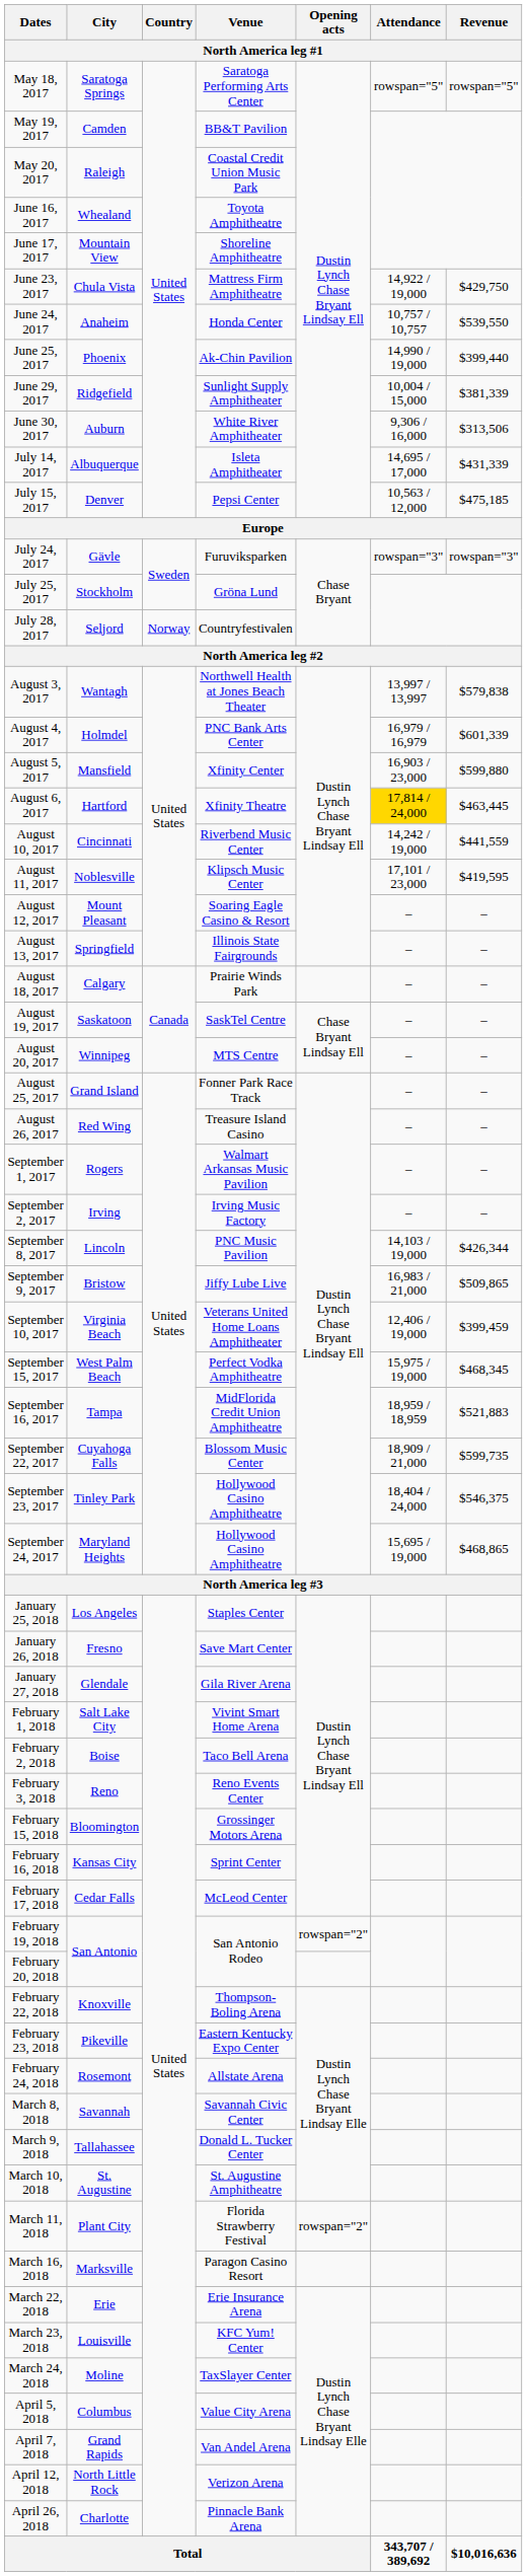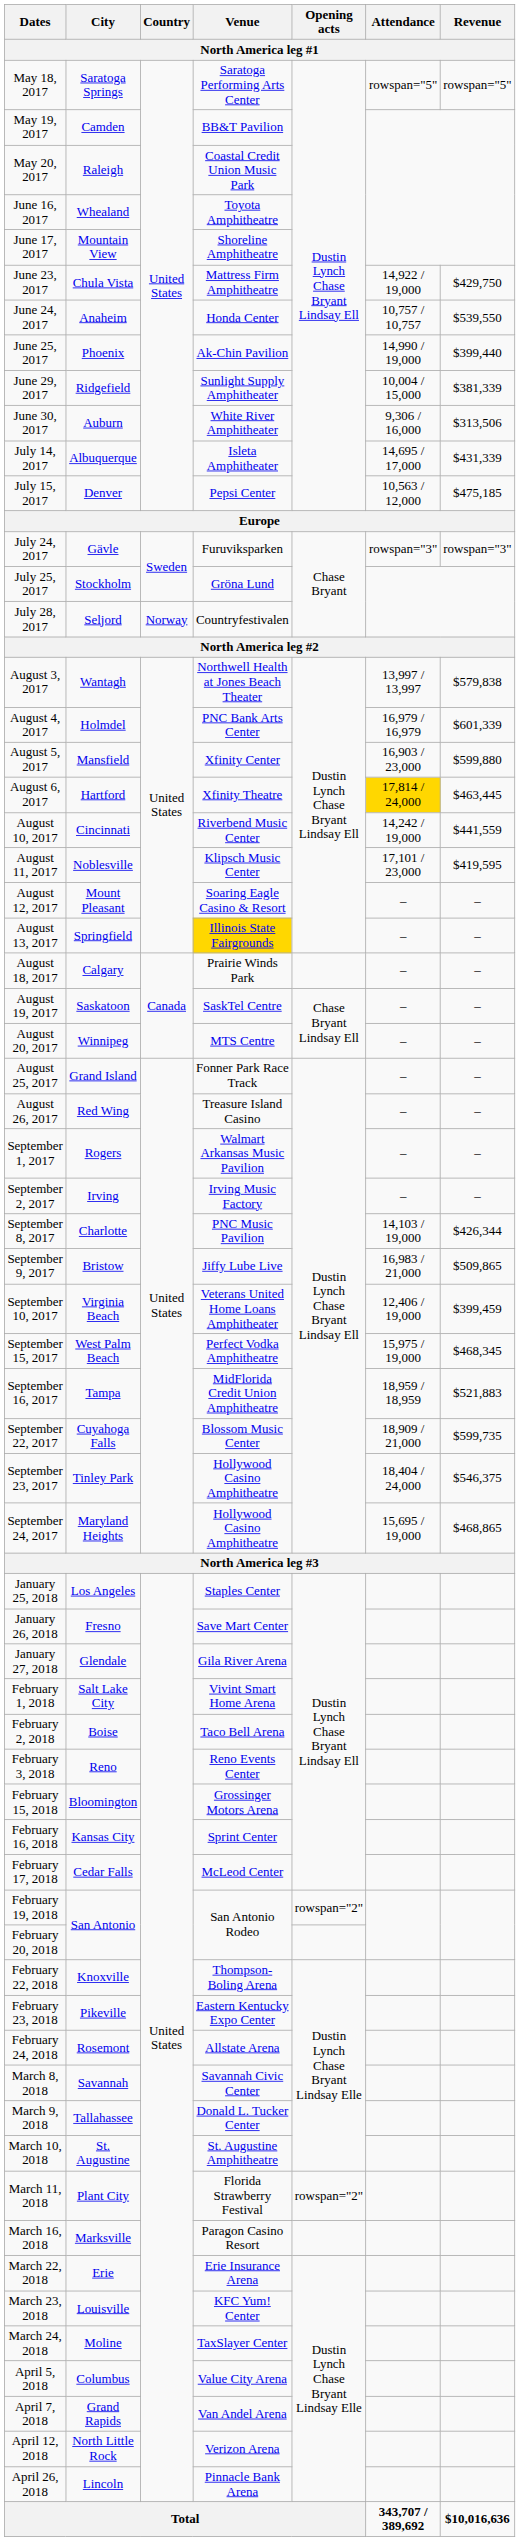 <table class="wikitable" style="text-align:center;">
 <tr>
 <th style="width:150px;">Dates</th>
 <th style="width:150px;">City</th>
 <th style="width:150px;">Country</th>
 <th style="width:250px;">Venue</th>
 <th style="width:150px;">Opening acts</th>
 <th style="width:150px;">Attendance</th>
 <th style="width:150px;">Revenue</th>
 </tr>
 <tr>
 <th colspan="7">North America leg #1</th>
 </tr>
 <tr>
 <td>May 18, 2017</td>
 <td><a href='#'>Saratoga Springs</a></td>
 <td rowspan="12"><a href='#'>United States</a></td>
 <td><a href='#'>Saratoga Performing Arts Center</a></td>
 <td rowspan="12"><a href='#'>Dustin Lynch</a><br><a href='#'>Chase Bryant</a><br><a href='#'>Lindsay Ell</a></td>
 <td>rowspan="5" </td>
 <td>rowspan="5" </td>
 </tr>
 <tr>
 <td>May 19, 2017</td>
 <td><a href='#'>Camden</a></td>
 <td><a href='#'>BB&T Pavilion</a></td>
 </tr>
 <tr>
 <td>May 20, 2017</td>
 <td><a href='#'>Raleigh</a></td>
 <td><a href='#'>Coastal Credit Union Music Park</a></td>
 </tr>
 <tr>
 <td>June 16, 2017</td>
 <td><a href='#'>Whealand</a></td>
 <td><a href='#'>Toyota Amphitheatre</a></td>
 </tr>
 <tr>
 <td>June 17, 2017</td>
 <td><a href='#'>Mountain View</a></td>
 <td><a href='#'>Shoreline Amphitheatre</a></td>
 </tr>
 <tr>
 <td>June 23, 2017</td>
 <td><a href='#'>Chula Vista</a></td>
 <td><a href='#'>Mattress Firm Amphitheatre</a></td>
 <td>14,922 / 19,000</td>
 <td>$429,750</td>
 </tr>
 <tr>
 <td>June 24, 2017</td>
 <td><a href='#'>Anaheim</a></td>
 <td><a href='#'>Honda Center</a></td>
 <td>10,757 / 10,757</td>
 <td>$539,550</td>
 </tr>
 <tr>
 <td>June 25, 2017</td>
 <td><a href='#'>Phoenix</a></td>
 <td><a href='#'>Ak-Chin Pavilion</a></td>
 <td>14,990 / 19,000</td>
 <td>$399,440</td>
 </tr>
 <tr>
 <td>June 29, 2017</td>
 <td><a href='#'>Ridgefield</a></td>
 <td><a href='#'>Sunlight Supply Amphitheater</a></td>
 <td>10,004 / 15,000</td>
 <td>$381,339</td>
 </tr>
 <tr>
 <td>June 30, 2017</td>
 <td><a href='#'>Auburn</a></td>
 <td><a href='#'>White River Amphitheater</a></td>
 <td>9,306 / 16,000</td>
 <td>$313,506</td>
 </tr>
 <tr>
 <td>July 14, 2017</td>
 <td><a href='#'>Albuquerque</a></td>
 <td><a href='#'>Isleta Amphitheater</a></td>
 <td>14,695 / 17,000</td>
 <td>$431,339</td>
 </tr>
 <tr>
 <td>July 15, 2017</td>
 <td><a href='#'>Denver</a></td>
 <td><a href='#'>Pepsi Center</a></td>
 <td>10,563 / 12,000</td>
 <td>$475,185</td>
 </tr>
 <tr>
 <th colspan="7">Europe</th>
 </tr>
 <tr>
 <td>July 24, 2017</td>
 <td><a href='#'>Gävle</a></td>
 <td rowspan="2"><a href='#'>Sweden</a></td>
 <td>Furuviksparken</td>
 <td rowspan="3">Chase Bryant</td>
 <td>rowspan="3" </td>
 <td>rowspan="3" </td>
 </tr>
 <tr>
 <td>July 25, 2017</td>
 <td><a href='#'>Stockholm</a></td>
 <td><a href='#'>Gröna Lund</a></td>
 </tr>
 <tr>
 <td>July 28, 2017</td>
 <td><a href='#'>Seljord</a></td>
 <td><a href='#'>Norway</a></td>
 <td>Countryfestivalen</td>
 </tr>
 <tr>
 <th colspan="7">North America leg #2</th>
 </tr>
 <tr>
 <td>August 3, 2017</td>
 <td><a href='#'>Wantagh</a></td>
 <td rowspan="8">United States</td>
 <td><a href='#'>Northwell Health at Jones Beach Theater</a></td>
 <td rowspan="8">Dustin Lynch<br>Chase Bryant<br>Lindsay Ell</td>
 <td>13,997 / 13,997</td>
 <td>$579,838</td>
 </tr>
 <tr>
 <td>August 4, 2017</td>
 <td><a href='#'>Holmdel</a></td>
 <td><a href='#'>PNC Bank Arts Center</a></td>
 <td>16,979 / 16,979</td>
 <td>$601,339</td>
 </tr>
 <tr>
 <td>August 5, 2017</td>
 <td><a href='#'>Mansfield</a></td>
 <td><a href='#'>Xfinity Center</a></td>
 <td>16,903 / 23,000</td>
 <td>$599,880</td>
 </tr>
 <tr>
 <td>August 6, 2017</td>
 <td><a href='#'>Hartford</a></td>
 <td><a href='#'>Xfinity Theatre</a></td>
 <td style="background: gold;">17,814 / 24,000</td>
 <td>$463,445</td>
 </tr>
 <tr>
 <td>August 10, 2017</td>
 <td><a href='#'>Cincinnati</a></td>
 <td><a href='#'>Riverbend Music Center</a></td>
 <td>14,242 / 19,000</td>
 <td>$441,559</td>
 </tr>
 <tr>
 <td>August 11, 2017</td>
 <td><a href='#'>Noblesville</a></td>
 <td><a href='#'>Klipsch Music Center</a></td>
 <td>17,101 / 23,000</td>
 <td>$419,595</td>
 </tr>
 <tr>
 <td>August 12, 2017</td>
 <td><a href='#'>Mount Pleasant</a></td>
 <td><a href='#'>Soaring Eagle Casino & Resort</a></td>
 <td>–</td>
 <td>–</td>
 </tr>
 <tr>
 <td>August 13, 2017</td>
 <td><a href='#'>Springfield</a></td>
-<td><a href='#'>Illinois State Fairgrounds</a></td>
+<td style="background: gold;"><a href='#'>Illinois State Fairgrounds</a></td>
 <td>–</td>
 <td>–</td>
 </tr>
 <tr>
 <td>August 18, 2017</td>
 <td><a href='#'>Calgary</a></td>
 <td rowspan="3"><a href='#'>Canada</a></td>
 <td>Prairie Winds Park</td>
 <td></td>
 <td>–</td>
 <td>–</td>
 </tr>
 <tr>
 <td>August 19, 2017</td>
 <td><a href='#'>Saskatoon</a></td>
 <td><a href='#'>SaskTel Centre</a></td>
 <td rowspan="2">Chase Bryant<br>Lindsay Ell</td>
 <td>–</td>
 <td>–</td>
 </tr>
 <tr>
 <td>August 20, 2017</td>
 <td><a href='#'>Winnipeg</a></td>
 <td><a href='#'>MTS Centre</a></td>
 <td>–</td>
 <td>–</td>
 </tr>
 <tr>
 <td>August 25, 2017</td>
 <td><a href='#'>Grand Island</a></td>
 <td rowspan="12">United States</td>
 <td>Fonner Park Race Track</td>
 <td rowspan="12">Dustin Lynch<br>Chase Bryant<br>Lindsay Ell</td>
 <td>–</td>
 <td>–</td>
 </tr>
 <tr>
 <td>August 26, 2017</td>
 <td><a href='#'>Red Wing</a></td>
 <td>Treasure Island Casino</td>
 <td>–</td>
 <td>–</td>
 </tr>
 <tr>
 <td>September 1, 2017</td>
 <td><a href='#'>Rogers</a></td>
 <td><a href='#'>Walmart Arkansas Music Pavilion</a></td>
 <td>–</td>
 <td>–</td>
 </tr>
 <tr>
 <td>September 2, 2017</td>
 <td><a href='#'>Irving</a></td>
 <td><a href='#'>Irving Music Factory</a></td>
 <td>–</td>
 <td>–</td>
 </tr>
 <tr>
 <td>September 8, 2017</td>
-<td><a href='#'>Lincoln</a></td>
+<td><a href='#'>Charlotte</a></td>
 <td><a href='#'>PNC Music Pavilion</a></td>
 <td>14,103 / 19,000</td>
 <td>$426,344</td>
 </tr>
 <tr>
 <td>September 9, 2017</td>
 <td><a href='#'>Bristow</a></td>
 <td><a href='#'>Jiffy Lube Live</a></td>
 <td>16,983 / 21,000</td>
 <td>$509,865</td>
 </tr>
 <tr>
 <td>September 10, 2017</td>
 <td><a href='#'>Virginia Beach</a></td>
 <td><a href='#'>Veterans United Home Loans Amphitheater</a></td>
 <td>12,406 / 19,000</td>
 <td>$399,459</td>
 </tr>
 <tr>
 <td>September 15, 2017</td>
 <td><a href='#'>West Palm Beach</a></td>
 <td><a href='#'>Perfect Vodka Amphitheatre</a></td>
 <td>15,975 / 19,000</td>
 <td>$468,345</td>
 </tr>
 <tr>
 <td>September 16, 2017</td>
 <td><a href='#'>Tampa</a></td>
 <td><a href='#'>MidFlorida Credit Union Amphitheatre</a></td>
 <td>18,959 / 18,959</td>
 <td>$521,883</td>
 </tr>
 <tr>
 <td>September 22, 2017</td>
 <td><a href='#'>Cuyahoga Falls</a></td>
 <td><a href='#'>Blossom Music Center</a></td>
 <td>18,909 / 21,000</td>
 <td>$599,735</td>
 </tr>
 <tr>
 <td>September 23, 2017</td>
 <td><a href='#'>Tinley Park</a></td>
 <td><a href='#'>Hollywood Casino Amphitheatre</a></td>
 <td>18,404 / 24,000</td>
 <td>$546,375</td>
 </tr>
 <tr>
 <td>September 24, 2017</td>
 <td><a href='#'>Maryland Heights</a></td>
 <td><a href='#'>Hollywood Casino Amphitheatre</a></td>
 <td>15,695 / 19,000</td>
 <td>$468,865</td>
 </tr>
 <tr>
 <th colspan="7">North America leg #3</th>
 </tr>
 <tr>
 <td>January 25, 2018</td>
 <td><a href='#'>Los Angeles</a></td>
 <td rowspan="26">United States</td>
 <td><a href='#'>Staples Center</a></td>
 <td rowspan="9">Dustin Lynch<br>Chase Bryant<br>Lindsay Ell</td>
 <td></td>
 <td></td>
 </tr>
 <tr>
 <td>January 26, 2018</td>
 <td><a href='#'>Fresno</a></td>
 <td><a href='#'>Save Mart Center</a></td>
 <td></td>
 <td></td>
 </tr>
 <tr>
 <td>January 27, 2018</td>
 <td><a href='#'>Glendale</a></td>
 <td><a href='#'>Gila River Arena</a></td>
 <td></td>
 <td></td>
 </tr>
 <tr>
 <td>February 1, 2018</td>
 <td><a href='#'>Salt Lake City</a></td>
 <td><a href='#'>Vivint Smart Home Arena</a></td>
 <td></td>
 <td></td>
 </tr>
 <tr>
 <td>February 2, 2018</td>
 <td><a href='#'>Boise</a></td>
 <td><a href='#'>Taco Bell Arena</a></td>
 <td></td>
 <td></td>
 </tr>
 <tr>
 <td>February 3, 2018</td>
 <td><a href='#'>Reno</a></td>
 <td><a href='#'>Reno Events Center</a></td>
 <td></td>
 <td></td>
 </tr>
 <tr>
 <td>February 15, 2018</td>
 <td><a href='#'>Bloomington</a></td>
 <td><a href='#'>Grossinger Motors Arena</a></td>
 <td></td>
 <td></td>
 </tr>
 <tr>
 <td>February 16, 2018</td>
 <td><a href='#'>Kansas City</a></td>
 <td><a href='#'>Sprint Center</a></td>
 <td></td>
 <td></td>
 </tr>
 <tr>
 <td>February 17, 2018</td>
 <td><a href='#'>Cedar Falls</a></td>
 <td><a href='#'>McLeod Center</a></td>
 <td></td>
 <td></td>
 </tr>
 <tr>
 <td>February 19, 2018</td>
 <td rowspan="2"><a href='#'>San Antonio</a></td>
 <td rowspan="2">San Antonio Rodeo</td>
 <td>rowspan="2" </td>
 <td rowspan="2"></td>
 <td rowspan="2"></td>
 </tr>
 <tr>
 <td>February 20, 2018</td>
 </tr>
 <tr>
 <td>February 22, 2018</td>
 <td><a href='#'>Knoxville</a></td>
 <td><a href='#'>Thompson-Boling Arena</a></td>
 <td rowspan="6">Dustin Lynch<br>Chase Bryant<br>Lindsay Elle</td>
 <td></td>
 <td></td>
 </tr>
 <tr>
 <td>February 23, 2018</td>
 <td><a href='#'>Pikeville</a></td>
 <td><a href='#'>Eastern Kentucky Expo Center</a></td>
 <td></td>
 <td></td>
 </tr>
 <tr>
 <td>February 24, 2018</td>
 <td><a href='#'>Rosemont</a></td>
 <td><a href='#'>Allstate Arena</a></td>
 <td></td>
 <td></td>
 </tr>
 <tr>
 <td>March 8, 2018</td>
 <td><a href='#'>Savannah</a></td>
 <td><a href='#'>Savannah Civic Center</a></td>
 <td></td>
 <td></td>
 </tr>
 <tr>
 <td>March 9, 2018</td>
 <td><a href='#'>Tallahassee</a></td>
 <td><a href='#'>Donald L. Tucker Center</a></td>
 <td></td>
 <td></td>
 </tr>
 <tr>
 <td>March 10, 2018</td>
 <td><a href='#'>St. Augustine</a></td>
 <td><a href='#'>St. Augustine Amphitheatre</a></td>
 <td></td>
 <td></td>
 </tr>
 <tr>
 <td>March 11, 2018</td>
 <td><a href='#'>Plant City</a></td>
 <td>Florida Strawberry Festival</td>
 <td>rowspan="2" </td>
 <td></td>
 <td></td>
 </tr>
 <tr>
 <td>March 16, 2018</td>
 <td><a href='#'>Marksville</a></td>
 <td>Paragon Casino Resort</td>
 <td></td>
 <td></td>
 </tr>
 <tr>
 <td>March 22, 2018</td>
 <td><a href='#'>Erie</a></td>
 <td><a href='#'>Erie Insurance Arena</a></td>
 <td rowspan="7">Dustin Lynch<br>Chase Bryant<br>Lindsay Elle</td>
 <td></td>
 <td></td>
 </tr>
 <tr>
 <td>March 23, 2018</td>
 <td><a href='#'>Louisville</a></td>
 <td><a href='#'>KFC Yum! Center</a></td>
 <td></td>
 <td></td>
 </tr>
 <tr>
 <td>March 24, 2018</td>
 <td><a href='#'>Moline</a></td>
 <td><a href='#'>TaxSlayer Center</a></td>
 <td></td>
 <td></td>
 </tr>
 <tr>
 <td>April 5, 2018</td>
 <td><a href='#'>Columbus</a></td>
 <td><a href='#'>Value City Arena</a></td>
 <td></td>
 <td></td>
 </tr>
 <tr>
 <td>April 7, 2018</td>
 <td><a href='#'>Grand Rapids</a></td>
 <td><a href='#'>Van Andel Arena</a></td>
 <td></td>
 <td></td>
 </tr>
 <tr>
 <td>April 12, 2018</td>
 <td><a href='#'>North Little Rock</a></td>
 <td><a href='#'>Verizon Arena</a></td>
 <td></td>
 <td></td>
 </tr>
 <tr>
 <td>April 26, 2018</td>
-<td><a href='#'>Charlotte</a></td>
+<td><a href='#'>Lincoln</a></td>
 <td><a href='#'>Pinnacle Bank Arena</a></td>
 <td></td>
 <td></td>
 </tr>
 <tr>
 <th colspan="5">Total</th>
 <td><strong>343,707 / 389,692</strong></td>
 <td><strong>$10,016,636</strong></td>
 </tr>
 </table>
